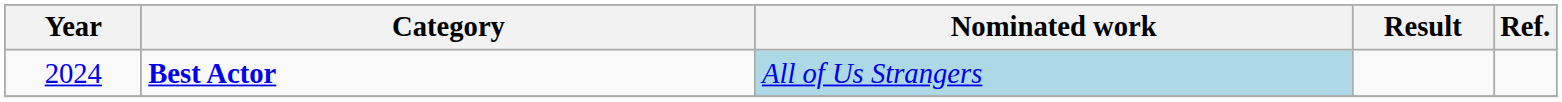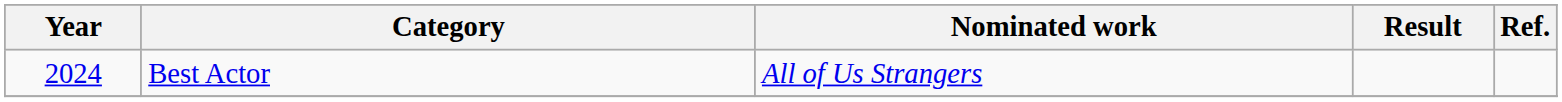 <table class=wikitable>
 <tr>
 <th scope="col" style="width:5em;">Year</th>
 <th scope="col" style="width:26em;">Category</th>
 <th scope="col" style="width:25em;">Nominated work</th>
 <th scope="col" style="width:5em;">Result</th>
 <th>Ref.</th>
 </tr>
 <tr>
 <td style="text-align:center;"><a href='#'>2024</a></td>
-<td><strong><a href='#'>Best Actor</a></strong></td>
-<td style="background: lightblue;"><em><a href='#'>All of Us Strangers</a></em></td>
+<td><a href='#'>Best Actor</a></td>
+<td><em><a href='#'>All of Us Strangers</a></em></td>
 <td></td>
 <td></td>
 </tr>
 <tr>
 </tr>
 </table>
